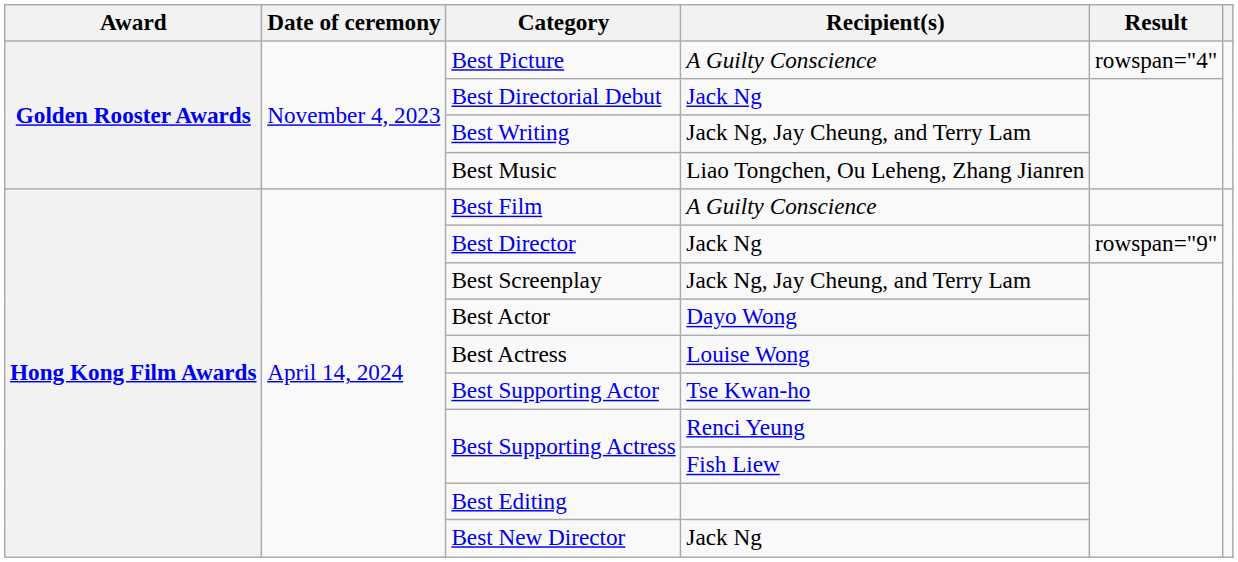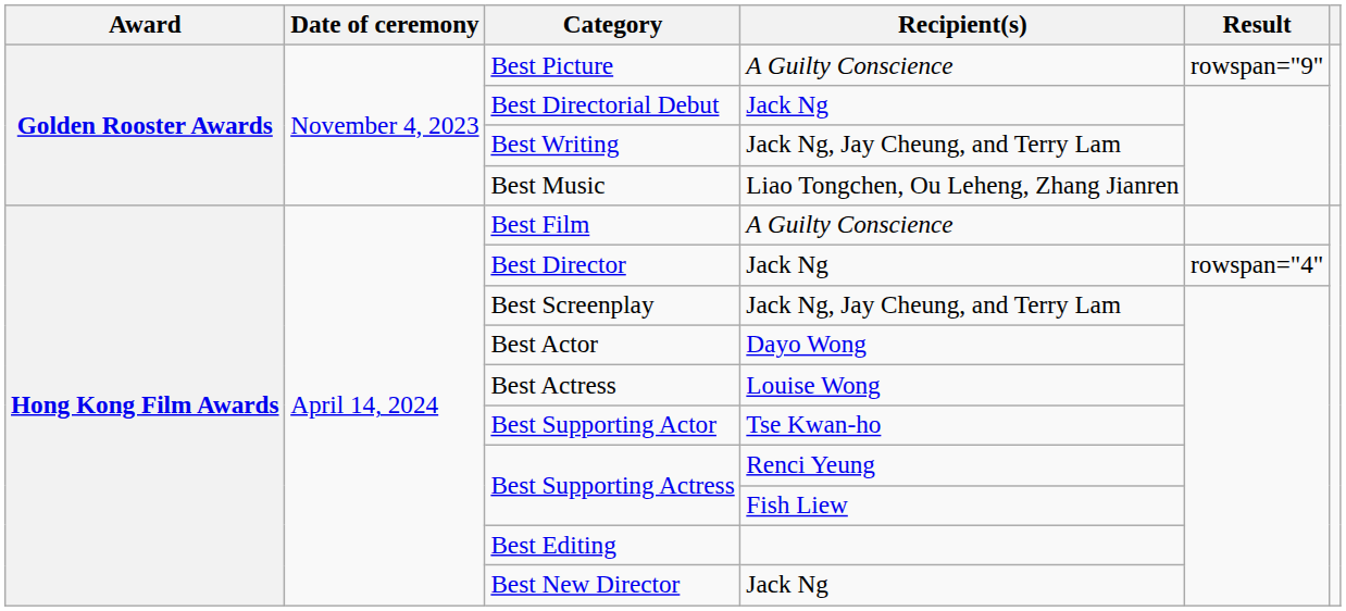 <table class="wikitable sortable plainrowheaders">
 <tr>
 <th scope="col">Award</th>
 <th data-sort-type="date" scope="col">Date of ceremony</th>
 <th scope="col">Category</th>
 <th scope="col">Recipient(s)</th>
 <th scope="col">Result</th>
 <th class="unsortable" scope="col"></th>
 </tr>
 <tr>
 <th rowspan="4" scope="row"><a href='#'>Golden Rooster Awards</a></th>
 <td rowspan="4"><a href='#'>November 4, 2023</a></td>
 <td><a href='#'>Best Picture</a></td>
 <td><em>A Guilty Conscience</em></td>
-<td>rowspan="4" </td>
+<td>rowspan="9" </td>
 <td rowspan="4"></td>
 </tr>
 <tr>
 <td><a href='#'>Best Directorial Debut</a></td>
 <td><a href='#'>Jack Ng</a></td>
 </tr>
 <tr>
 <td><a href='#'>Best Writing</a></td>
 <td>Jack Ng, Jay Cheung, and Terry Lam</td>
 </tr>
 <tr>
 <td>Best Music</td>
 <td>Liao Tongchen, Ou Leheng, Zhang Jianren</td>
 </tr>
 <tr>
 <th rowspan="10" scope="row"><a href='#'>Hong Kong Film Awards</a></th>
 <td rowspan="10"><a href='#'>April 14, 2024</a></td>
 <td><a href='#'>Best Film</a></td>
 <td><em>A Guilty Conscience</em></td>
 <td></td>
 <td rowspan="10"></td>
 </tr>
 <tr>
 <td><a href='#'>Best Director</a></td>
 <td>Jack Ng</td>
-<td>rowspan="9" </td>
+<td>rowspan="4" </td>
 </tr>
 <tr>
 <td>Best Screenplay</td>
 <td>Jack Ng, Jay Cheung, and Terry Lam</td>
 </tr>
 <tr>
 <td>Best Actor</td>
 <td><a href='#'>Dayo Wong</a></td>
 </tr>
 <tr>
 <td>Best Actress</td>
 <td><a href='#'>Louise Wong</a></td>
 </tr>
 <tr>
 <td><a href='#'>Best Supporting Actor</a></td>
 <td><a href='#'>Tse Kwan-ho</a></td>
 </tr>
 <tr>
 <td rowspan="2"><a href='#'>Best Supporting Actress</a></td>
 <td><a href='#'>Renci Yeung</a></td>
 </tr>
 <tr>
 <td><a href='#'>Fish Liew</a></td>
 </tr>
 <tr>
 <td><a href='#'>Best Editing</a></td>
 <td></td>
 </tr>
 <tr>
 <td><a href='#'>Best New Director</a></td>
 <td>Jack Ng</td>
 </tr>
 </table>
